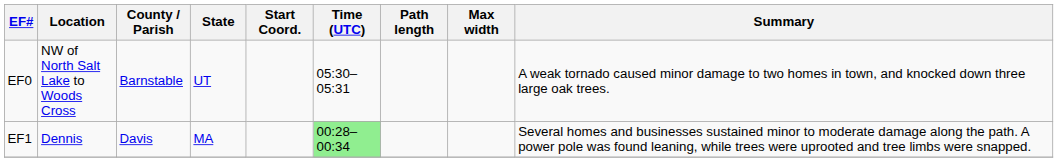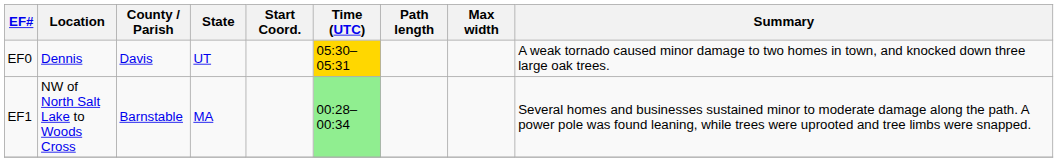 <table class="wikitable sortable" style="width:100%;">
 <tr>
 <th scope="col"  style="width:3%; text-align:center;"><a href='#'>EF#</a></th>
 <th scope="col"  style="width:7%; text-align:center;" class="unsortable">Location</th>
 <th scope="col"  style="width:6%; text-align:center;" class="unsortable">County / Parish</th>
 <th scope="col"  style="width:5%; text-align:center;">State</th>
 <th scope="col"  style="width:6%; text-align:center;">Start Coord.</th>
 <th scope="col"  style="width:6%; text-align:center;">Time (<a href='#'>UTC</a>)</th>
 <th scope="col"  style="width:6%; text-align:center;">Path length</th>
 <th scope="col"  style="width:6%; text-align:center;">Max width</th>
 <th scope="col" class="unsortable" style="width:48%; text-align:center;">Summary</th>
 </tr>
 <tr>
 <td>EF0</td>
-<td>NW of <a href='#'>North Salt Lake</a> to <a href='#'>Woods Cross</a></td>
-<td><a href='#'>Barnstable</a></td>
+<td><a href='#'>Dennis</a></td>
+<td><a href='#'>Davis</a></td>
 <td><a href='#'>UT</a></td>
 <td></td>
-<td>05:30–05:31</td>
+<td style="background: gold;">05:30–05:31</td>
 <td></td>
 <td></td>
 <td>A weak tornado caused minor damage to two homes in town, and knocked down three large oak trees.</td>
 </tr>
 <tr>
 <td>EF1</td>
-<td><a href='#'>Dennis</a></td>
-<td><a href='#'>Davis</a></td>
+<td>NW of <a href='#'>North Salt Lake</a> to <a href='#'>Woods Cross</a></td>
+<td><a href='#'>Barnstable</a></td>
 <td><a href='#'>MA</a></td>
 <td></td>
 <td style="background: lightgreen;">00:28–00:34</td>
 <td></td>
 <td></td>
 <td>Several homes and businesses sustained minor to moderate damage along the path. A power pole was found leaning, while trees were uprooted and tree limbs were snapped.</td>
 </tr>
 <tr>
 </tr>
 </table>
